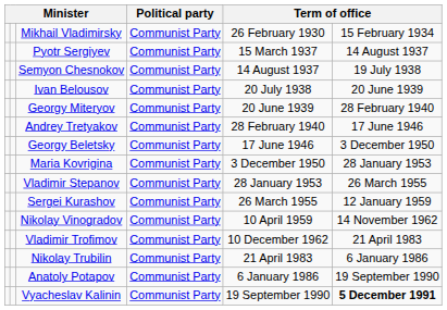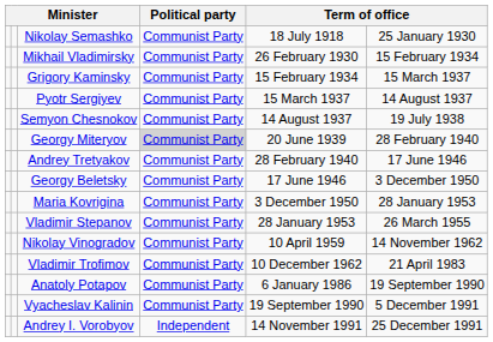 <table class="wikitable" style="text-align:center;">
 <tr>
 <th colspan=3>Minister</th>
 <th>Political party</th>
 <th colspan=2>Term of office</th>
 </tr>
 <tr>
 <td style="background: "></td>
 <td></td>
+<td><a href='#'>Nikolay Semashko</a></td>
+<td><a href='#'>Communist Party</a></td>
+<td>18 July 1918</td>
+<td>25 January 1930</td>
+</tr>
+<tr>
+<td style="background: "></td>
+<td></td>
 <td><a href='#'>Mikhail Vladimirsky</a></td>
 <td><a href='#'>Communist Party</a></td>
 <td>26 February 1930</td>
 <td>15 February 1934</td>
+</tr>
+<tr>
+<td style="background: "></td>
+<td></td>
+<td><a href='#'>Grigory Kaminsky</a></td>
+<td><a href='#'>Communist Party</a></td>
+<td>15 February 1934</td>
+<td>15 March 1937</td>
 </tr>
 <tr>
 <td style="background: "></td>
 <td></td>
 <td><a href='#'>Pyotr Sergiyev</a></td>
 <td><a href='#'>Communist Party</a></td>
 <td>15 March 1937</td>
 <td>14 August 1937</td>
 </tr>
 <tr>
 <td style="background: "></td>
 <td></td>
 <td><a href='#'>Semyon Chesnokov</a></td>
 <td><a href='#'>Communist Party</a></td>
 <td>14 August 1937</td>
 <td>19 July 1938</td>
 </tr>
 <tr>
 <td style="background: "></td>
 <td></td>
-<td><a href='#'>Ivan Belousov</a></td>
-<td><a href='#'>Communist Party</a></td>
-<td>20 July 1938</td>
-<td>20 June 1939</td>
-</tr>
-<tr>
-<td style="background: "></td>
-<td></td>
 <td><a href='#'>Georgy Miteryov</a></td>
-<td><a href='#'>Communist Party</a></td>
+<td style="background: lightgrey;"><a href='#'>Communist Party</a></td>
 <td>20 June 1939</td>
 <td>28 February 1940</td>
 </tr>
 <tr>
 <td style="background: "></td>
 <td></td>
 <td><a href='#'>Andrey Tretyakov</a></td>
 <td><a href='#'>Communist Party</a></td>
 <td>28 February 1940</td>
 <td>17 June 1946</td>
 </tr>
 <tr>
 <td style="background: "></td>
 <td></td>
 <td><a href='#'>Georgy Beletsky</a></td>
 <td><a href='#'>Communist Party</a></td>
 <td>17 June 1946</td>
 <td>3 December 1950</td>
 </tr>
 <tr>
 <td style="background: "></td>
 <td></td>
 <td><a href='#'>Maria Kovrigina</a></td>
 <td><a href='#'>Communist Party</a></td>
 <td>3 December 1950</td>
 <td>28 January 1953</td>
 </tr>
 <tr>
 <td style="background: "></td>
 <td></td>
 <td><a href='#'>Vladimir Stepanov</a></td>
 <td><a href='#'>Communist Party</a></td>
 <td>28 January 1953</td>
 <td>26 March 1955</td>
 </tr>
 <tr>
 <td style="background: "></td>
 <td></td>
-<td><a href='#'>Sergei Kurashov</a></td>
-<td><a href='#'>Communist Party</a></td>
-<td>26 March 1955</td>
-<td>12 January 1959</td>
-</tr>
-<tr>
-<td style="background: "></td>
-<td></td>
 <td><a href='#'>Nikolay Vinogradov</a></td>
 <td><a href='#'>Communist Party</a></td>
 <td>10 April 1959</td>
 <td>14 November 1962</td>
 </tr>
 <tr>
 <td style="background: "></td>
 <td></td>
 <td><a href='#'>Vladimir Trofimov</a></td>
 <td><a href='#'>Communist Party</a></td>
 <td>10 December 1962</td>
 <td>21 April 1983</td>
 </tr>
 <tr>
 <td style="background: "></td>
 <td></td>
-<td><a href='#'>Nikolay Trubilin</a></td>
-<td><a href='#'>Communist Party</a></td>
-<td>21 April 1983</td>
-<td>6 January 1986</td>
-</tr>
-<tr>
-<td style="background: "></td>
-<td></td>
 <td><a href='#'>Anatoly Potapov</a></td>
 <td><a href='#'>Communist Party</a></td>
 <td>6 January 1986</td>
 <td>19 September 1990</td>
 </tr>
 <tr>
 <td style="background: "></td>
 <td></td>
 <td><a href='#'>Vyacheslav Kalinin</a></td>
 <td><a href='#'>Communist Party</a></td>
 <td>19 September 1990</td>
-<td><strong>5 December 1991</strong></td>
+<td>5 December 1991</td>
+</tr>
+<tr>
+<td style="background: "></td>
+<td></td>
+<td><a href='#'>Andrey I. Vorobyov</a></td>
+<td><a href='#'>Independent</a></td>
+<td>14 November 1991</td>
+<td>25 December 1991</td>
 </tr>
 </table>
